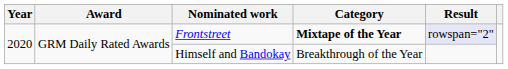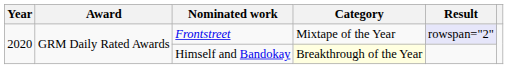 <table class="wikitable sortable plainrowheaders" style="width: auto;">
 <tr>
 <th scope="col">Year</th>
 <th scope="col">Award</th>
 <th scope="col">Nominated work</th>
 <th scope="col">Category</th>
 <th scope="col">Result</th>
 <th scope="col" class="unsortable"></th>
 </tr>
 <tr>
 <td rowspan="2">2020</td>
 <td rowspan="2">GRM Daily Rated Awards</td>
 <td><a href='#'><em>Frontstreet</em></a></td>
-<td><strong>Mixtape of the Year</strong></td>
+<td>Mixtape of the Year</td>
 <td style="background: lavender;">rowspan="2"</td>
 <td rowspan="2"></td>
 </tr>
 <tr>
 <td>Himself and <a href='#'>Bandokay</a></td>
-<td>Breakthrough of the Year</td>
+<td style="background: lightyellow;">Breakthrough of the Year</td>
 </tr>
 </table>
